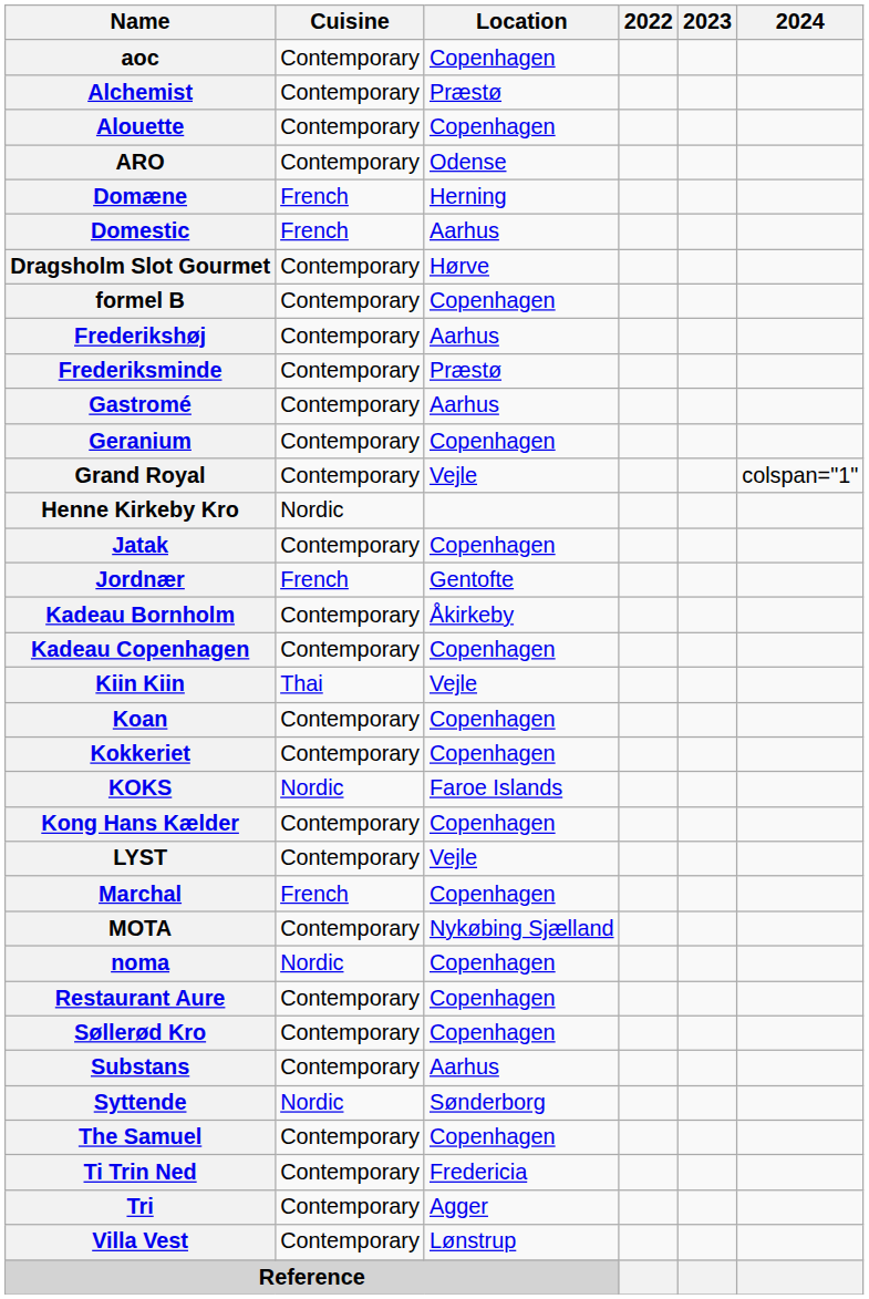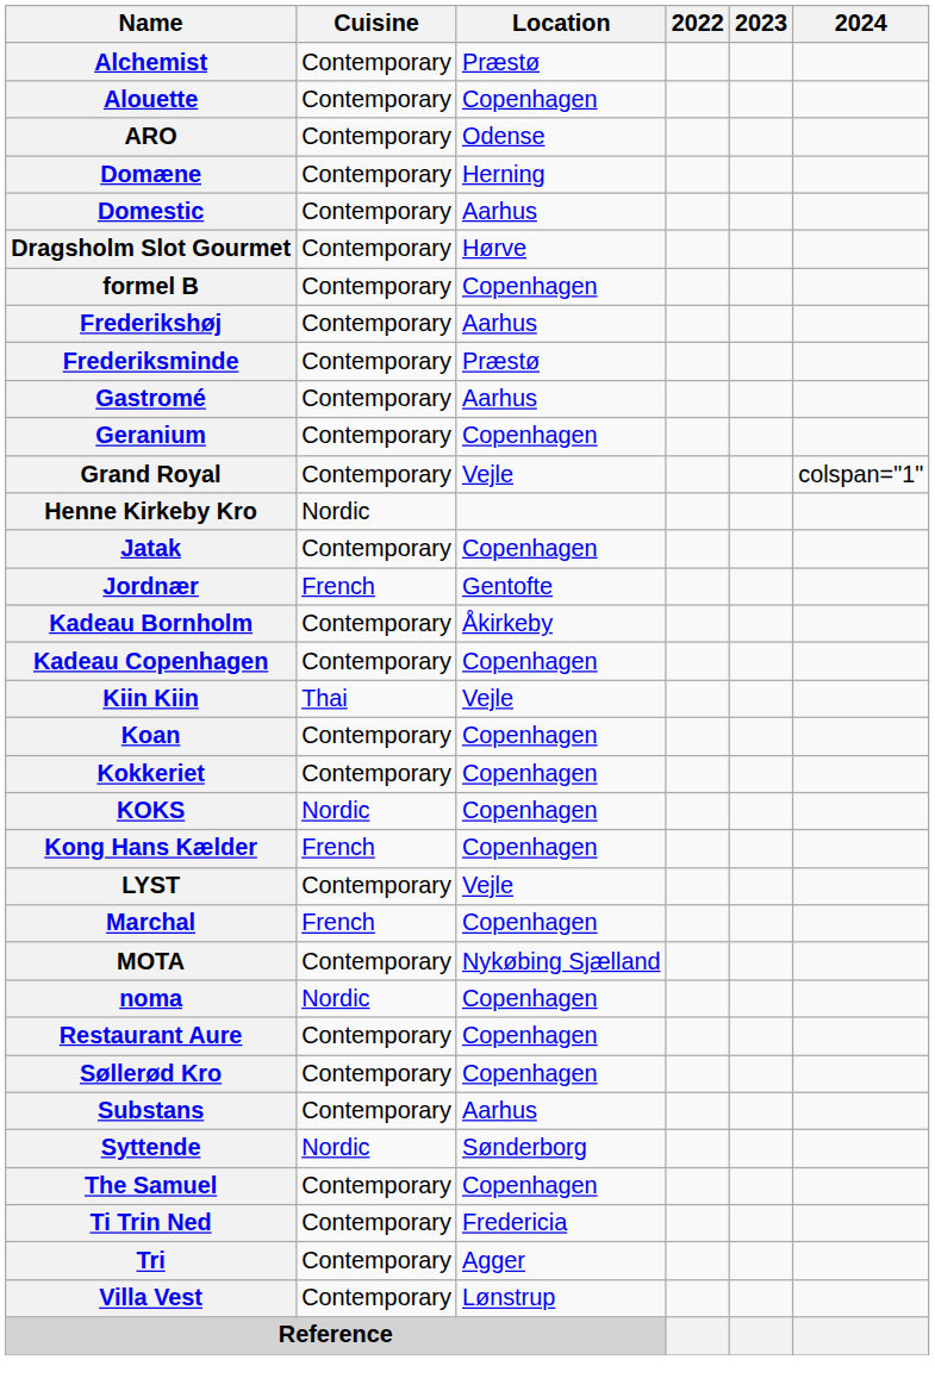 <table class="wikitable sortable plainrowheaders" style="text-align:left;"">
 <tr>
 <th scope="col">Name</th>
 <th scope="col">Cuisine</th>
 <th scope="col">Location</th>
 <th scope="col">2022</th>
 <th scope="col">2023</th>
 <th scope="col">2024</th>
-</tr>
-<tr>
-<th scope="row">aoc</th>
-<td>Contemporary</td>
-<td><a href='#'>Copenhagen</a></td>
-<td></td>
-<td></td>
-<td></td>
 </tr>
 <tr>
 <th scope="row"><a href='#'>Alchemist</a></th>
 <td>Contemporary</td>
 <td><a href='#'>Præstø</a></td>
 <td></td>
 <td></td>
 <td></td>
 </tr>
 <tr>
 <th scope="row"><a href='#'>Alouette</a></th>
 <td>Contemporary</td>
 <td><a href='#'>Copenhagen</a></td>
 <td></td>
 <td></td>
 <td></td>
 </tr>
 <tr>
 <th scope="row">ARO</th>
 <td>Contemporary</td>
 <td><a href='#'>Odense</a></td>
 <td></td>
 <td></td>
 <td></td>
 </tr>
 <tr>
 <th scope="row"><a href='#'>Domæne</a></th>
-<td><a href='#'>French</a></td>
+<td>Contemporary</td>
 <td><a href='#'>Herning</a></td>
 <td></td>
 <td></td>
 <td></td>
 </tr>
 <tr>
 <th scope="row"><a href='#'>Domestic</a></th>
-<td><a href='#'>French</a></td>
+<td>Contemporary</td>
 <td><a href='#'>Aarhus</a></td>
 <td></td>
 <td></td>
 <td></td>
 </tr>
 <tr>
 <th scope="row">Dragsholm Slot Gourmet</th>
 <td>Contemporary</td>
 <td><a href='#'>Hørve</a></td>
 <td></td>
 <td></td>
 <td></td>
 </tr>
 <tr>
 <th scope="row">formel B</th>
 <td>Contemporary</td>
 <td><a href='#'>Copenhagen</a></td>
 <td></td>
 <td></td>
 <td></td>
 </tr>
 <tr>
 <th scope="row"><a href='#'>Frederikshøj</a></th>
 <td>Contemporary</td>
 <td><a href='#'>Aarhus</a></td>
 <td></td>
 <td></td>
 <td></td>
 </tr>
 <tr>
 <th scope="row"><a href='#'>Frederiksminde</a></th>
 <td>Contemporary</td>
 <td><a href='#'>Præstø</a></td>
 <td></td>
 <td></td>
 <td></td>
 </tr>
 <tr>
 <th scope="row"><a href='#'>Gastromé</a></th>
 <td>Contemporary</td>
 <td><a href='#'>Aarhus</a></td>
 <td></td>
 <td></td>
 <td></td>
 </tr>
 <tr>
 <th scope="row"><a href='#'>Geranium</a></th>
 <td>Contemporary</td>
 <td><a href='#'>Copenhagen</a></td>
 <td></td>
 <td></td>
 <td></td>
 </tr>
 <tr>
 <th scope="row">Grand Royal</th>
 <td>Contemporary</td>
 <td><a href='#'>Vejle</a></td>
 <td></td>
 <td></td>
 <td>colspan="1" </td>
 </tr>
 <tr>
 <th scope="row">Henne Kirkeby Kro</th>
 <td>Nordic</td>
 <td></td>
 <td></td>
 <td></td>
 <td></td>
 </tr>
 <tr>
 <th scope="row"><a href='#'>Jatak</a></th>
 <td>Contemporary</td>
 <td><a href='#'>Copenhagen</a></td>
 <td></td>
 <td></td>
 <td></td>
 </tr>
 <tr>
 <th scope="row"><a href='#'>Jordnær</a></th>
 <td><a href='#'>French</a></td>
 <td><a href='#'>Gentofte</a></td>
 <td></td>
 <td></td>
 <td></td>
 </tr>
 <tr>
 <th scope="row"><a href='#'>Kadeau Bornholm</a></th>
 <td>Contemporary</td>
 <td><a href='#'>Åkirkeby</a></td>
 <td></td>
 <td></td>
 <td></td>
 </tr>
 <tr>
 <th scope="row"><a href='#'>Kadeau Copenhagen</a></th>
 <td>Contemporary</td>
 <td><a href='#'>Copenhagen</a></td>
 <td></td>
 <td></td>
 <td></td>
 </tr>
 <tr>
 <th scope="row"><a href='#'>Kiin Kiin</a></th>
 <td><a href='#'>Thai</a></td>
 <td><a href='#'>Vejle</a></td>
 <td></td>
 <td></td>
 <td></td>
 </tr>
 <tr>
 <th scope="row"><a href='#'>Koan</a></th>
 <td>Contemporary</td>
 <td><a href='#'>Copenhagen</a></td>
 <td></td>
 <td></td>
 <td></td>
 </tr>
 <tr>
 <th scope="row"><a href='#'>Kokkeriet</a></th>
 <td>Contemporary</td>
 <td><a href='#'>Copenhagen</a></td>
 <td></td>
 <td></td>
 <td></td>
 </tr>
 <tr>
 <th scope="row"><a href='#'>KOKS</a></th>
 <td><a href='#'>Nordic</a></td>
-<td><a href='#'>Faroe Islands</a></td>
+<td><a href='#'>Copenhagen</a></td>
 <td></td>
 <td></td>
 <td></td>
 </tr>
 <tr>
 <th scope="row"><a href='#'>Kong Hans Kælder</a></th>
-<td>Contemporary</td>
+<td><a href='#'>French</a></td>
 <td><a href='#'>Copenhagen</a></td>
 <td></td>
 <td></td>
 <td></td>
 </tr>
 <tr>
 <th scope="row">LYST</th>
 <td>Contemporary</td>
 <td><a href='#'>Vejle</a></td>
 <td></td>
 <td></td>
 <td></td>
 </tr>
 <tr>
 <th scope="row"><a href='#'>Marchal</a></th>
 <td><a href='#'>French</a></td>
 <td><a href='#'>Copenhagen</a></td>
 <td></td>
 <td></td>
 <td></td>
 </tr>
 <tr>
 <th scope="row">MOTA</th>
 <td>Contemporary</td>
 <td><a href='#'>Nykøbing Sjælland</a></td>
 <td></td>
 <td></td>
 <td></td>
 </tr>
 <tr>
 <th scope="row"><a href='#'>noma</a></th>
 <td><a href='#'>Nordic</a></td>
 <td><a href='#'>Copenhagen</a></td>
 <td></td>
 <td></td>
 <td></td>
 </tr>
 <tr>
 <th scope="row"><a href='#'>Restaurant Aure</a></th>
 <td>Contemporary</td>
 <td><a href='#'>Copenhagen</a></td>
 <td></td>
 <td></td>
 <td></td>
 </tr>
 <tr>
 <th scope="row"><a href='#'>Søllerød Kro</a></th>
 <td>Contemporary</td>
 <td><a href='#'>Copenhagen</a></td>
 <td></td>
 <td></td>
 <td></td>
 </tr>
 <tr>
 <th scope="row"><a href='#'>Substans</a></th>
 <td>Contemporary</td>
 <td><a href='#'>Aarhus</a></td>
 <td></td>
 <td></td>
 <td></td>
 </tr>
 <tr>
 <th scope="row"><a href='#'>Syttende</a></th>
 <td><a href='#'>Nordic</a></td>
 <td><a href='#'>Sønderborg</a></td>
 <td></td>
 <td></td>
 <td></td>
 </tr>
 <tr>
 <th scope="row"><a href='#'>The Samuel</a></th>
 <td>Contemporary</td>
 <td><a href='#'>Copenhagen</a></td>
 <td></td>
 <td></td>
 <td></td>
 </tr>
 <tr>
 <th scope="row"><a href='#'>Ti Trin Ned</a></th>
 <td>Contemporary</td>
 <td><a href='#'>Fredericia</a></td>
 <td></td>
 <td></td>
 <td></td>
 </tr>
 <tr>
 <th scope="row"><a href='#'>Tri</a></th>
 <td>Contemporary</td>
 <td><a href='#'>Agger</a></td>
 <td></td>
 <td></td>
 <td></td>
 </tr>
 <tr>
 <th scope="row"><a href='#'>Villa Vest</a></th>
 <td>Contemporary</td>
 <td><a href='#'>Lønstrup</a></td>
 <td></td>
 <td></td>
 <td></td>
 </tr>
 <tr>
 <th colspan="3" style="text-align: center;background: lightgray;">Reference</th>
 <th></th>
 <th></th>
 <th></th>
 </tr>
 </table>
